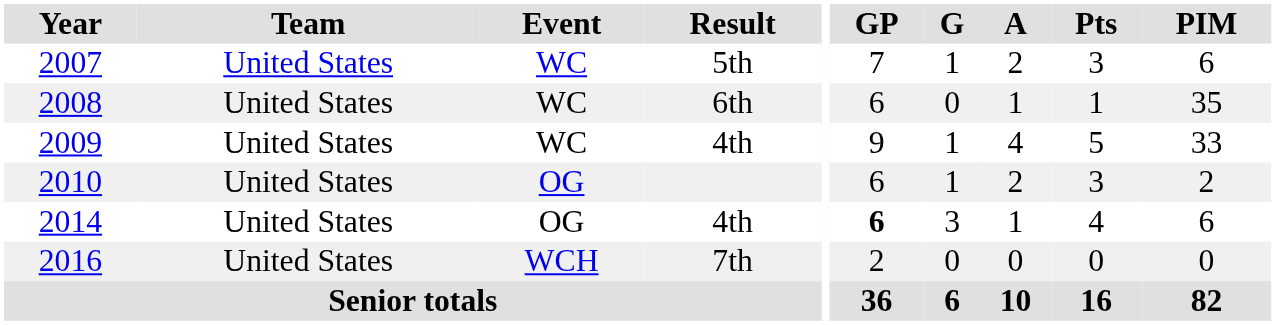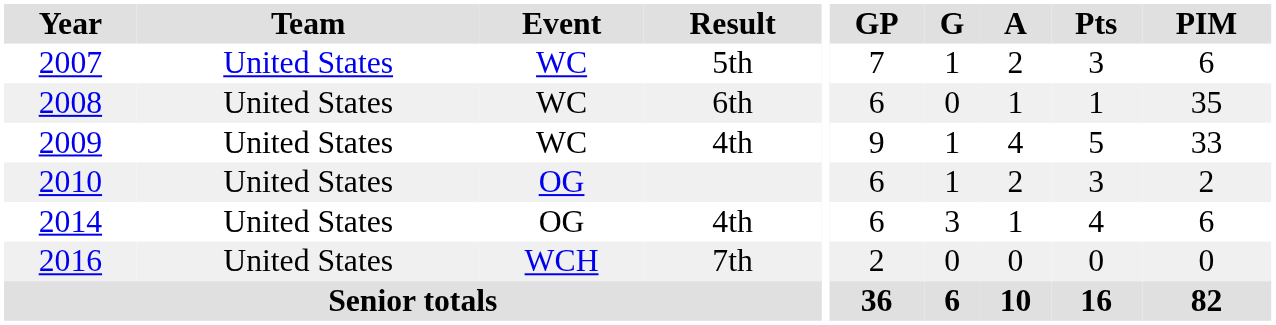 <table border="0" cellpadding="1" cellspacing="0" ID="Table3" style="text-align:center; width:40em">
 <tr ALIGN="center" bgcolor="#e0e0e0">
 <th>Year</th>
 <th>Team</th>
 <th>Event</th>
 <th>Result</th>
 <th rowspan="99" bgcolor="#ffffff"></th>
 <th>GP</th>
 <th>G</th>
 <th>A</th>
 <th>Pts</th>
 <th>PIM</th>
 </tr>
 <tr>
 <td><a href='#'>2007</a></td>
 <td><a href='#'>United States</a></td>
 <td><a href='#'>WC</a></td>
 <td>5th</td>
 <td>7</td>
 <td>1</td>
 <td>2</td>
 <td>3</td>
 <td>6</td>
 </tr>
 <tr style="background: #f0f0f0;">
 <td><a href='#'>2008</a></td>
 <td>United States</td>
 <td>WC</td>
 <td>6th</td>
 <td>6</td>
 <td>0</td>
 <td>1</td>
 <td>1</td>
 <td>35</td>
 </tr>
 <tr>
 <td><a href='#'>2009</a></td>
 <td>United States</td>
 <td>WC</td>
 <td>4th</td>
 <td>9</td>
 <td>1</td>
 <td>4</td>
 <td>5</td>
 <td>33</td>
 </tr>
 <tr style="background: #f0f0f0;">
 <td><a href='#'>2010</a></td>
 <td>United States</td>
 <td><a href='#'>OG</a></td>
 <td></td>
 <td>6</td>
 <td>1</td>
 <td>2</td>
 <td>3</td>
 <td>2</td>
 </tr>
 <tr>
 <td><a href='#'>2014</a></td>
 <td>United States</td>
 <td>OG</td>
 <td>4th</td>
-<td><strong>6</strong></td>
+<td>6</td>
 <td>3</td>
 <td>1</td>
 <td>4</td>
 <td>6</td>
 </tr>
 <tr style="background: #f0f0f0;">
 <td><a href='#'>2016</a></td>
 <td>United States</td>
 <td><a href='#'>WCH</a></td>
 <td>7th</td>
 <td>2</td>
 <td>0</td>
 <td>0</td>
 <td>0</td>
 <td>0</td>
 </tr>
 <tr style="background: #e0e0e0;">
 <th colspan="4">Senior totals</th>
 <th>36</th>
 <th>6</th>
 <th>10</th>
 <th>16</th>
 <th>82</th>
 </tr>
 </table>
